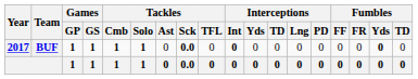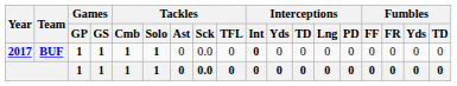 <table class="wikitable" style="text-align:center">
 <tr>
 <th rowspan="2">Year</th>
 <th rowspan="2">Team</th>
 <th colspan="2">Games</th>
 <th colspan="5">Tackles</th>
 <th colspan="5">Interceptions</th>
 <th colspan="4">Fumbles</th>
 </tr>
 <tr>
 <th>GP</th>
 <th>GS</th>
 <th>Cmb</th>
 <th>Solo</th>
 <th>Ast</th>
 <th>Sck</th>
 <th>TFL</th>
 <th>Int</th>
 <th>Yds</th>
 <th>TD</th>
 <th>Lng</th>
 <th>PD</th>
 <th>FF</th>
 <th>FR</th>
 <th>Yds</th>
 <th>TD</th>
 </tr>
 <tr>
 <th><a href='#'>2017</a></th>
 <th><a href='#'>BUF</a></th>
 <td><strong>1</strong></td>
 <td><strong>1</strong></td>
 <td><strong>1</strong></td>
 <td><strong>1</strong></td>
 <td>0</td>
-<td><strong>0.0</strong></td>
+<td>0.0</td>
 <td>0</td>
 <td><strong>0</strong></td>
 <td>0</td>
 <td>0</td>
 <td>0</td>
 <td>0</td>
 <td>0</td>
 <td>0</td>
-<td><strong>0</strong></td>
+<td>0</td>
 <td>0</td>
 </tr>
 <tr>
 <th colspan="2"></th>
 <th>1</th>
 <th>1</th>
 <th>1</th>
 <th>1</th>
 <th>0</th>
 <th>0.0</th>
 <th>0</th>
 <th>0</th>
 <th>0</th>
 <th>0</th>
 <th>0</th>
 <th>0</th>
 <th>0</th>
 <th>0</th>
 <th>0</th>
 <th>0</th>
 </tr>
 </table>
